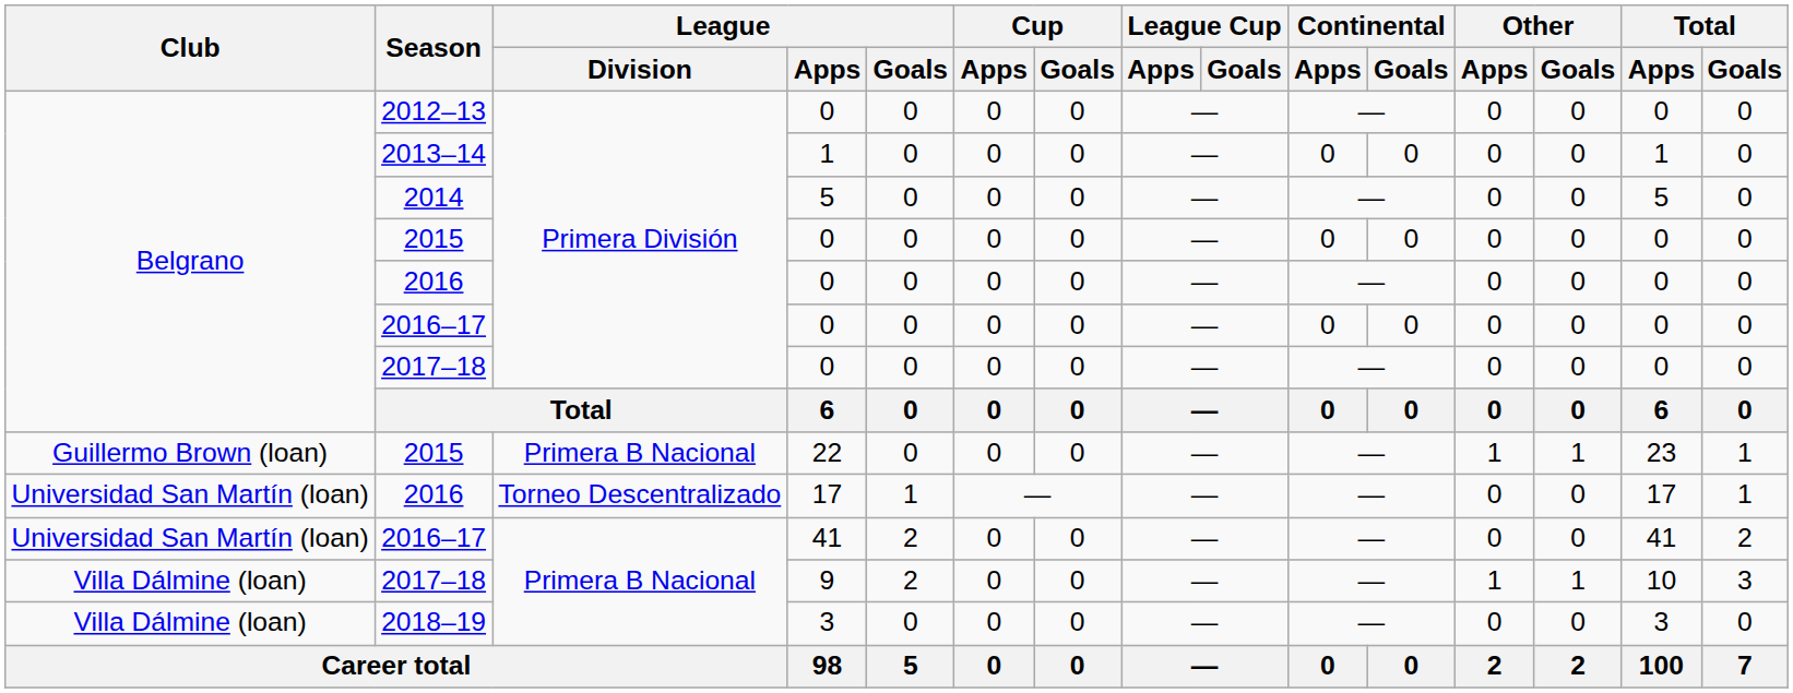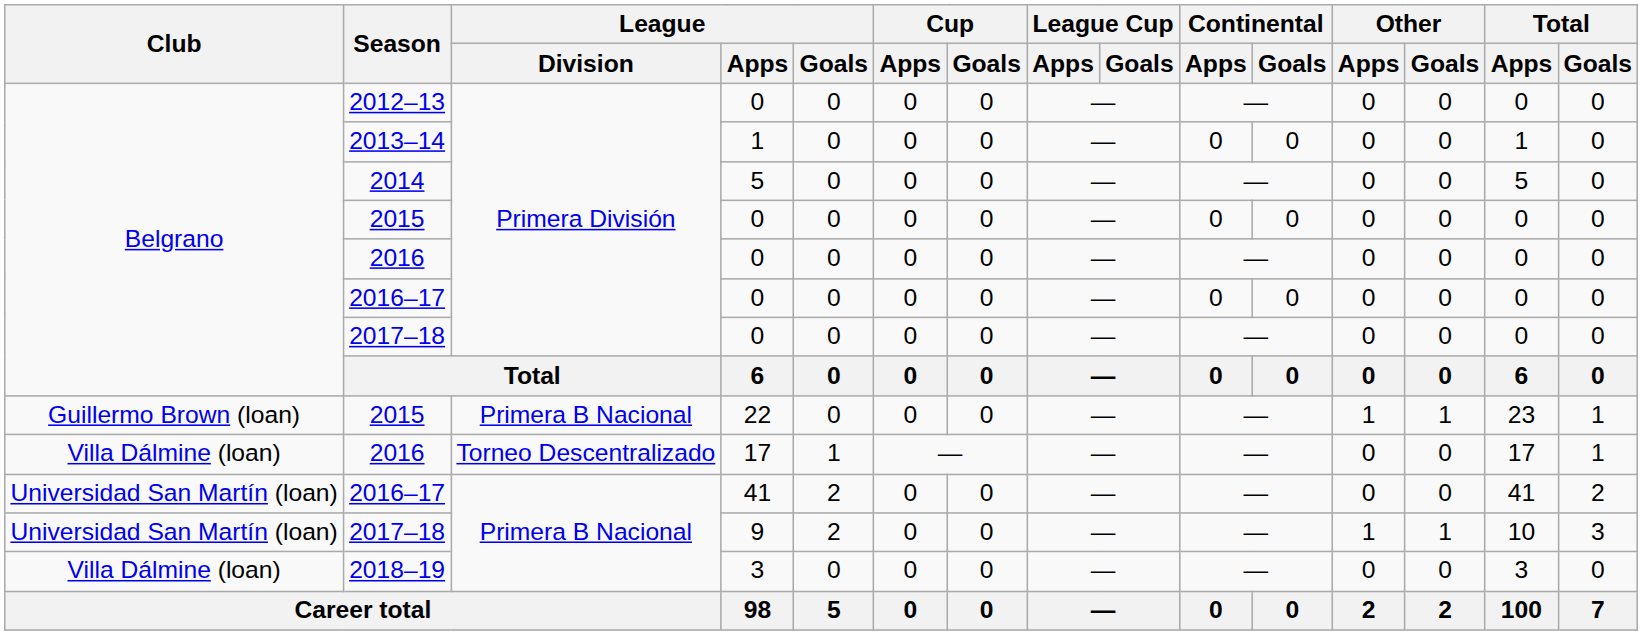 <table class="wikitable" style="text-align:center">
 <tr>
 <th rowspan="2">Club</th>
 <th rowspan="2">Season</th>
 <th colspan="3">League</th>
 <th colspan="2">Cup</th>
 <th colspan="2">League Cup</th>
 <th colspan="2">Continental</th>
 <th colspan="2">Other</th>
 <th colspan="2">Total</th>
 </tr>
 <tr>
 <th>Division</th>
 <th>Apps</th>
 <th>Goals</th>
 <th>Apps</th>
 <th>Goals</th>
 <th>Apps</th>
 <th>Goals</th>
 <th>Apps</th>
 <th>Goals</th>
 <th>Apps</th>
 <th>Goals</th>
 <th>Apps</th>
 <th>Goals</th>
 </tr>
 <tr>
 <td rowspan="8"><a href='#'>Belgrano</a></td>
 <td><a href='#'>2012–13</a></td>
 <td rowspan="7"><a href='#'>Primera División</a></td>
 <td>0</td>
 <td>0</td>
 <td>0</td>
 <td>0</td>
 <td colspan="2">—</td>
 <td colspan="2">—</td>
 <td>0</td>
 <td>0</td>
 <td>0</td>
 <td>0</td>
 </tr>
 <tr>
 <td><a href='#'>2013–14</a></td>
 <td>1</td>
 <td>0</td>
 <td>0</td>
 <td>0</td>
 <td colspan="2">—</td>
 <td>0</td>
 <td>0</td>
 <td>0</td>
 <td>0</td>
 <td>1</td>
 <td>0</td>
 </tr>
 <tr>
 <td><a href='#'>2014</a></td>
 <td>5</td>
 <td>0</td>
 <td>0</td>
 <td>0</td>
 <td colspan="2">—</td>
 <td colspan="2">—</td>
 <td>0</td>
 <td>0</td>
 <td>5</td>
 <td>0</td>
 </tr>
 <tr>
 <td><a href='#'>2015</a></td>
 <td>0</td>
 <td>0</td>
 <td>0</td>
 <td>0</td>
 <td colspan="2">—</td>
 <td>0</td>
 <td>0</td>
 <td>0</td>
 <td>0</td>
 <td>0</td>
 <td>0</td>
 </tr>
 <tr>
 <td><a href='#'>2016</a></td>
 <td>0</td>
 <td>0</td>
 <td>0</td>
 <td>0</td>
 <td colspan="2">—</td>
 <td colspan="2">—</td>
 <td>0</td>
 <td>0</td>
 <td>0</td>
 <td>0</td>
 </tr>
 <tr>
 <td><a href='#'>2016–17</a></td>
 <td>0</td>
 <td>0</td>
 <td>0</td>
 <td>0</td>
 <td colspan="2">—</td>
 <td>0</td>
 <td>0</td>
 <td>0</td>
 <td>0</td>
 <td>0</td>
 <td>0</td>
 </tr>
 <tr>
 <td><a href='#'>2017–18</a></td>
 <td>0</td>
 <td>0</td>
 <td>0</td>
 <td>0</td>
 <td colspan="2">—</td>
 <td colspan="2">—</td>
 <td>0</td>
 <td>0</td>
 <td>0</td>
 <td>0</td>
 </tr>
 <tr>
 <th colspan="2">Total</th>
 <th>6</th>
 <th>0</th>
 <th>0</th>
 <th>0</th>
 <th colspan="2">—</th>
 <th>0</th>
 <th>0</th>
 <th>0</th>
 <th>0</th>
 <th>6</th>
 <th>0</th>
 </tr>
 <tr>
 <td rowspan="1"><a href='#'>Guillermo Brown</a> (loan)</td>
 <td><a href='#'>2015</a></td>
 <td rowspan="1"><a href='#'>Primera B Nacional</a></td>
 <td>22</td>
 <td>0</td>
 <td>0</td>
 <td>0</td>
 <td colspan="2">—</td>
 <td colspan="2">—</td>
 <td>1</td>
 <td>1</td>
 <td>23</td>
 <td>1</td>
 </tr>
 <tr>
-<td rowspan="1"><a href='#'>Universidad San Martín</a> (loan)</td>
+<td rowspan="1"><a href='#'>Villa Dálmine</a> (loan)</td>
 <td><a href='#'>2016</a></td>
 <td rowspan="1"><a href='#'>Torneo Descentralizado</a></td>
 <td>17</td>
 <td>1</td>
 <td colspan="2">—</td>
 <td colspan="2">—</td>
 <td colspan="2">—</td>
 <td>0</td>
 <td>0</td>
 <td>17</td>
 <td>1</td>
 </tr>
 <tr>
 <td rowspan="1"><a href='#'>Universidad San Martín</a> (loan)</td>
 <td><a href='#'>2016–17</a></td>
 <td rowspan="3"><a href='#'>Primera B Nacional</a></td>
 <td>41</td>
 <td>2</td>
 <td>0</td>
 <td>0</td>
 <td colspan="2">—</td>
 <td colspan="2">—</td>
 <td>0</td>
 <td>0</td>
 <td>41</td>
 <td>2</td>
 </tr>
 <tr>
-<td rowspan="1"><a href='#'>Villa Dálmine</a> (loan)</td>
+<td rowspan="1"><a href='#'>Universidad San Martín</a> (loan)</td>
 <td><a href='#'>2017–18</a></td>
 <td>9</td>
 <td>2</td>
 <td>0</td>
 <td>0</td>
 <td colspan="2">—</td>
 <td colspan="2">—</td>
 <td>1</td>
 <td>1</td>
 <td>10</td>
 <td>3</td>
 </tr>
 <tr>
 <td rowspan="1"><a href='#'>Villa Dálmine</a> (loan)</td>
 <td><a href='#'>2018–19</a></td>
 <td>3</td>
 <td>0</td>
 <td>0</td>
 <td>0</td>
 <td colspan="2">—</td>
 <td colspan="2">—</td>
 <td>0</td>
 <td>0</td>
 <td>3</td>
 <td>0</td>
 </tr>
 <tr>
 <th colspan="3">Career total</th>
 <th>98</th>
 <th>5</th>
 <th>0</th>
 <th>0</th>
 <th colspan="2">—</th>
 <th>0</th>
 <th>0</th>
 <th>2</th>
 <th>2</th>
 <th>100</th>
 <th>7</th>
 </tr>
 </table>
